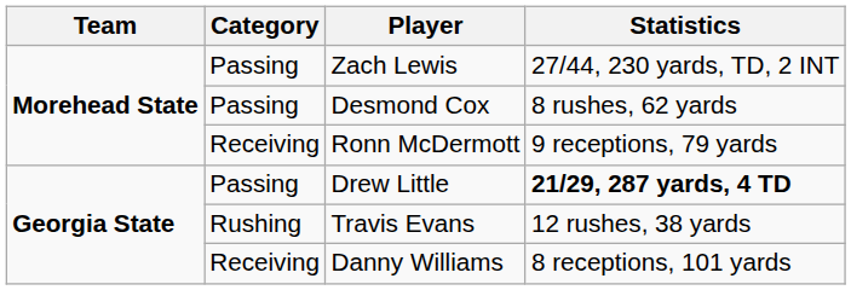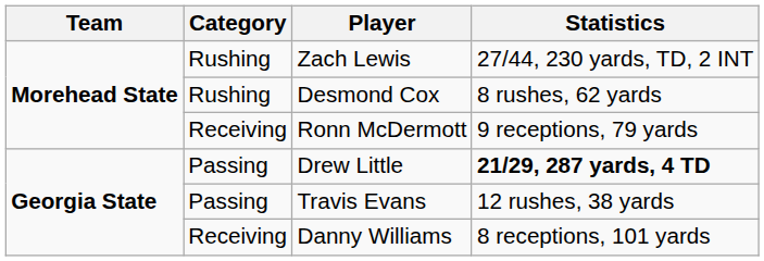 <table class="wikitable" style="float: right;">
 <tr>
 <th>Team</th>
 <th>Category</th>
 <th>Player</th>
 <th>Statistics</th>
 </tr>
 <tr>
 <td rowspan=3><strong>Morehead State</strong></td>
-<td>Passing</td>
+<td>Rushing</td>
 <td>Zach Lewis</td>
 <td>27/44, 230 yards, TD, 2 INT</td>
 </tr>
 <tr>
-<td>Passing</td>
+<td>Rushing</td>
 <td>Desmond Cox</td>
 <td>8 rushes, 62 yards</td>
 </tr>
 <tr>
 <td>Receiving</td>
 <td>Ronn McDermott</td>
 <td>9 receptions, 79 yards</td>
 </tr>
 <tr>
 <td rowspan=3><strong>Georgia State</strong></td>
 <td>Passing</td>
 <td>Drew Little</td>
 <td><strong>21/29, 287 yards, 4 TD</strong></td>
 </tr>
 <tr>
-<td>Rushing</td>
+<td>Passing</td>
 <td>Travis Evans</td>
 <td>12 rushes, 38 yards</td>
 </tr>
 <tr>
 <td>Receiving</td>
 <td>Danny Williams</td>
 <td>8 receptions, 101 yards</td>
 </tr>
 </table>
